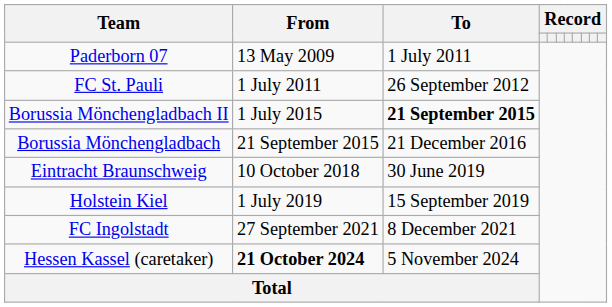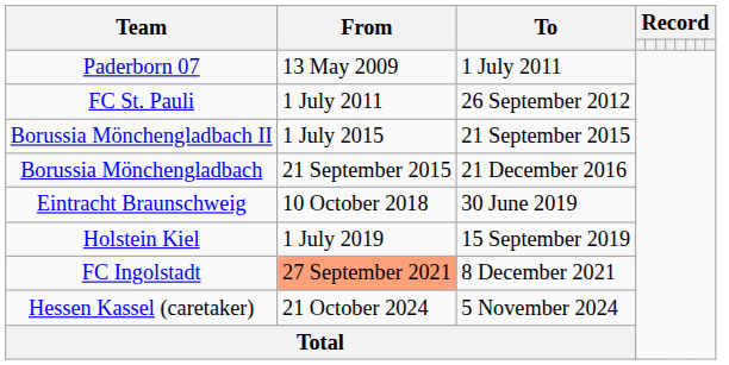 <table class=wikitable style="text-align: center">
 <tr>
 <th rowspan="2">Team</th>
 <th rowspan="2">From</th>
 <th rowspan="2">To</th>
 <th colspan="8">Record</th>
 </tr>
 <tr>
 <th></th>
 <th></th>
 <th></th>
 <th></th>
 <th></th>
 <th></th>
 <th></th>
 <th></th>
 </tr>
 <tr>
 <td><a href='#'>Paderborn 07</a></td>
 <td align=left>13 May 2009</td>
 <td align=left>1 July 2011<br></td>
 </tr>
 <tr>
 <td><a href='#'>FC St. Pauli</a></td>
 <td align=left>1 July 2011</td>
 <td align=left>26 September 2012<br></td>
 </tr>
 <tr>
 <td><a href='#'>Borussia Mönchengladbach II</a></td>
 <td align=left>1 July 2015</td>
-<td align=left><strong>21 September 2015<br></strong></td>
+<td align=left>21 September 2015<br></td>
 </tr>
 <tr>
 <td><a href='#'>Borussia Mönchengladbach</a></td>
 <td align=left>21 September 2015</td>
 <td align=left>21 December 2016<br></td>
 </tr>
 <tr>
 <td><a href='#'>Eintracht Braunschweig</a></td>
 <td align=left>10 October 2018</td>
 <td align=left>30 June 2019<br></td>
 </tr>
 <tr>
 <td><a href='#'>Holstein Kiel</a></td>
 <td align=left>1 July 2019</td>
 <td align=left>15 September 2019<br></td>
 </tr>
 <tr>
 <td><a href='#'>FC Ingolstadt</a></td>
-<td align=left>27 September 2021</td>
+<td align=left style="background: lightsalmon;">27 September 2021</td>
 <td align=left>8 December 2021<br></td>
 </tr>
 <tr>
 <td><a href='#'>Hessen Kassel</a> (caretaker)</td>
-<td align=left><strong>21 October 2024</strong></td>
+<td align=left>21 October 2024</td>
 <td align=left>5 November 2024<br></td>
 </tr>
 <tr>
 <th colspan=3>Total<br></th>
 </tr>
 </table>
